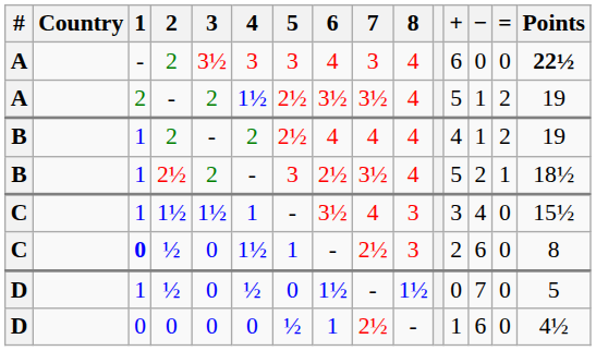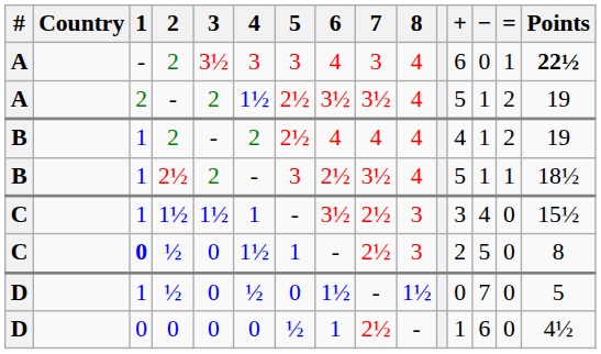 <table class="wikitable" style="text-align:center">
 <tr>
 <th>#</th>
 <th>Country</th>
 <th>1</th>
 <th>2</th>
 <th>3</th>
 <th>4</th>
 <th>5</th>
 <th>6</th>
 <th>7</th>
 <th>8</th>
 <th></th>
 <th>+</th>
 <th>−</th>
 <th>=</th>
 <th>Points</th>
 </tr>
 <tr>
 <th>A</th>
 <td style="text-align: left"></td>
 <td>-</td>
 <td style="color:green;">2</td>
 <td style="color:red;">3½</td>
 <td style="color:red;">3</td>
 <td style="color:red;">3</td>
 <td style="color:red;">4</td>
 <td style="color:red;">3</td>
 <td style="color:red;">4</td>
 <th></th>
 <td>6</td>
 <td>0</td>
-<td>0</td>
+<td>1</td>
 <td><strong>22½ </strong></td>
 </tr>
 <tr>
 <th>A</th>
 <td style="text-align: left"></td>
 <td style="color:green;">2</td>
 <td>-</td>
 <td style="color:green;">2</td>
 <td style="color:blue;">1½</td>
 <td style="color:red;">2½</td>
 <td style="color:red;">3½</td>
 <td style="color:red;">3½</td>
 <td style="color:red;">4</td>
 <th></th>
 <td>5</td>
 <td>1</td>
 <td>2</td>
 <td>19</td>
 </tr>
 <tr style="border-top:2px solid grey;">
 <th>B</th>
 <td style="text-align: left"></td>
 <td style="color:blue;">1</td>
 <td style="color:green;">2</td>
 <td>-</td>
 <td style="color:green;">2</td>
 <td style="color:red;">2½</td>
 <td style="color:red;">4</td>
 <td style="color:red;">4</td>
 <td style="color:red;">4</td>
 <th></th>
 <td>4</td>
 <td>1</td>
 <td>2</td>
 <td>19</td>
 </tr>
 <tr>
 <th>B</th>
 <td style="text-align: left"></td>
 <td style="color:blue;">1</td>
 <td style="color:red;">2½</td>
 <td style="color:green;">2</td>
 <td>-</td>
 <td style="color:red;">3</td>
 <td style="color:red;">2½</td>
 <td style="color:red;">3½</td>
 <td style="color:red;">4</td>
 <th></th>
 <td>5</td>
-<td>2</td>
+<td>1</td>
 <td>1</td>
 <td>18½</td>
 </tr>
 <tr style="border-top:2px solid grey;">
 <th>C</th>
 <td style="text-align: left"></td>
 <td style="color:blue;">1</td>
 <td style="color:blue;">1½</td>
 <td style="color:blue;">1½</td>
 <td style="color:blue;">1</td>
 <td>-</td>
 <td style="color:red;">3½</td>
-<td style="color:red;">4</td>
+<td style="color:red;">2½</td>
 <td style="color:red;">3</td>
 <th></th>
 <td>3</td>
 <td>4</td>
 <td>0</td>
 <td>15½</td>
 </tr>
 <tr>
 <th>C</th>
 <td style="text-align: left"></td>
 <td style="color:blue;"><strong>0</strong></td>
 <td style="color:blue;">½</td>
 <td style="color:blue;">0</td>
 <td style="color:blue;">1½</td>
 <td style="color:blue;">1</td>
 <td>-</td>
 <td style="color:red;">2½</td>
 <td style="color:red;">3</td>
 <th></th>
 <td>2</td>
-<td>6</td>
+<td>5</td>
 <td>0</td>
 <td>8</td>
 </tr>
 <tr style="border-top:2px solid grey;">
 <th>D</th>
 <td style="text-align: left"></td>
 <td style="color:blue;">1</td>
 <td style="color:blue;">½</td>
 <td style="color:blue;">0</td>
 <td style="color:blue;">½</td>
 <td style="color:blue;">0</td>
 <td style="color:blue;">1½</td>
 <td>-</td>
 <td style="color:blue;">1½</td>
 <th></th>
 <td>0</td>
 <td>7</td>
 <td>0</td>
 <td>5</td>
 </tr>
 <tr>
 <th>D</th>
 <td style="text-align: left"></td>
 <td style="color:blue;">0</td>
 <td style="color:blue;">0</td>
 <td style="color:blue;">0</td>
 <td style="color:blue;">0</td>
 <td style="color:blue;">½</td>
 <td style="color:blue;">1</td>
 <td style="color:red;">2½</td>
 <td>-</td>
 <th></th>
 <td>1</td>
 <td>6</td>
 <td>0</td>
 <td>4½</td>
 </tr>
 </table>
